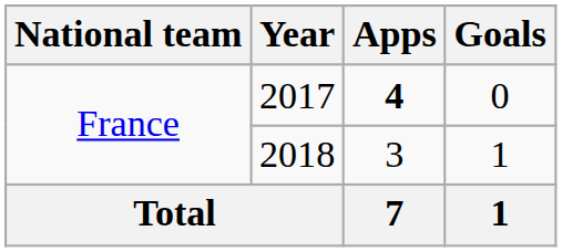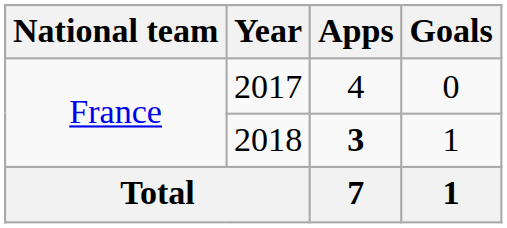 <table class="wikitable" style="text-align:center">
 <tr>
 <th>National team</th>
 <th>Year</th>
 <th>Apps</th>
 <th>Goals</th>
 </tr>
 <tr>
 <td rowspan="2"><a href='#'>France</a></td>
 <td>2017</td>
-<td><strong>4</strong></td>
+<td>4</td>
 <td>0</td>
 </tr>
 <tr>
 <td>2018</td>
-<td>3</td>
+<td><strong>3</strong></td>
 <td>1</td>
 </tr>
 <tr>
 <th colspan="2">Total</th>
 <th>7</th>
 <th>1</th>
 </tr>
 </table>
